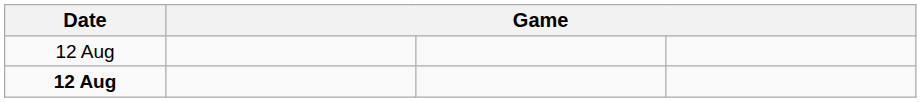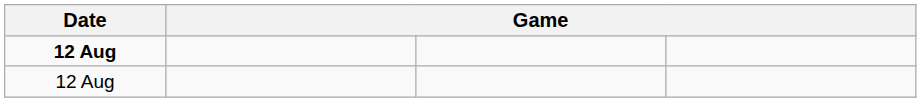 <table width=730 class="wikitable">
 <tr>
 <th width=15%>Date</th>
 <th width=70% colspan=3>Game</th>
+</tr>
+<tr style=font-size:95%>
+<td align=center><strong>12 Aug</strong></td>
+<td align=center><strong></strong></td>
+<td></td>
+<td></td>
 </tr>
 <tr style=font-size:95%>
 <td align=center>12 Aug</td>
 <td align=center><strong></strong></td>
 <td></td>
 <td></td>
 </tr>
-<tr style=font-size:95%>
-<td align=center><strong>12 Aug</strong></td>
-<td align=center><strong></strong></td>
-<td></td>
-<td></td>
-</tr>
 </table>
